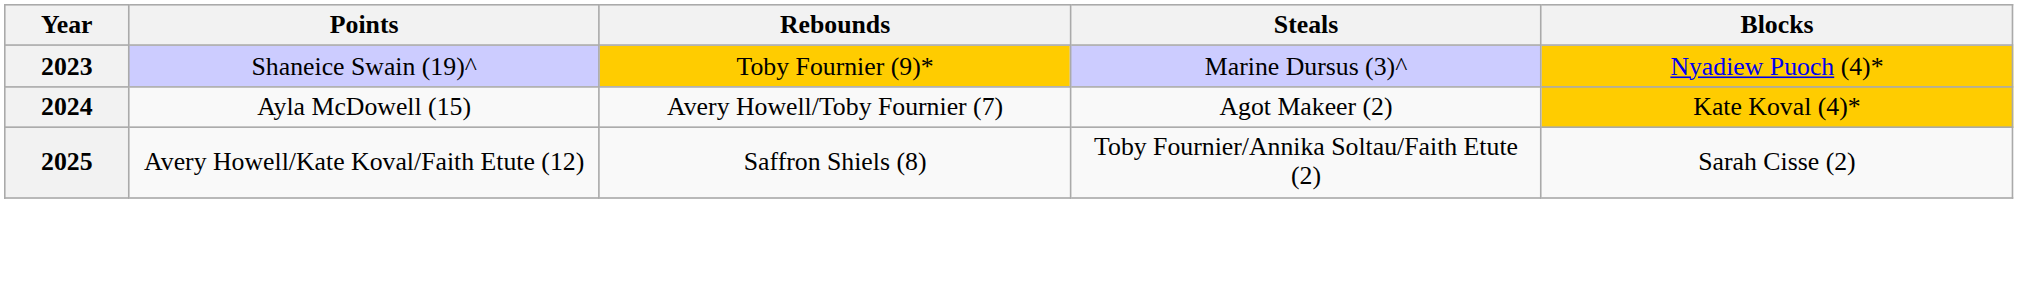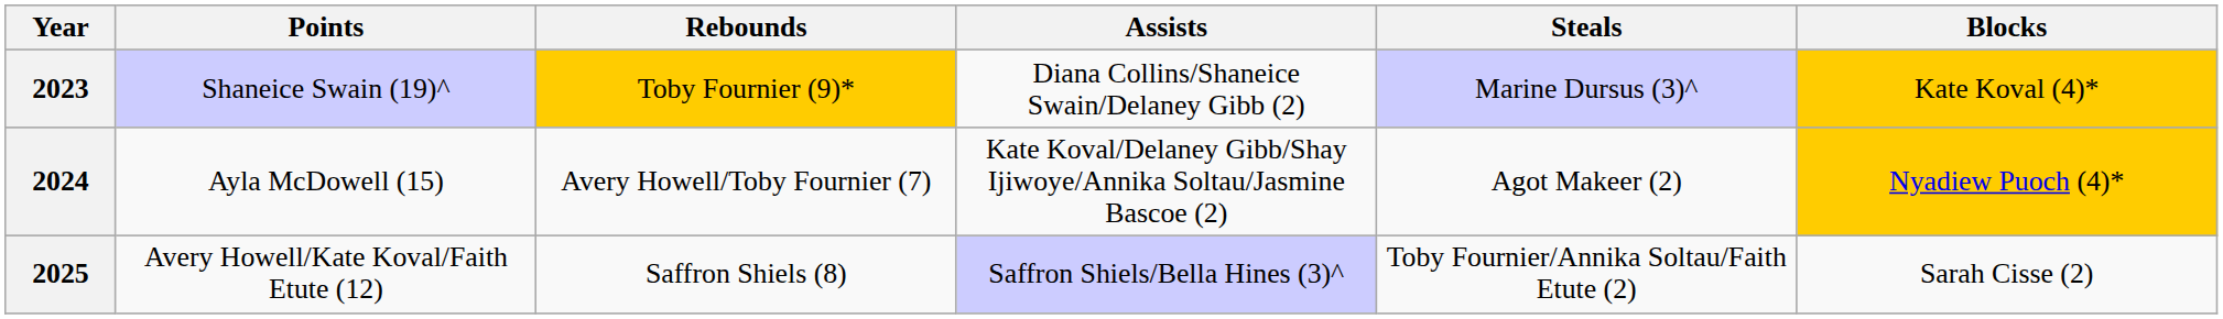 <table class="wikitable sortable" style="text-align:center">
 <tr>
 <th class="unsortable" style="width:5%">Year</th>
 <th class="unsortable" style="width:19%">Points</th>
 <th class="unsortable" style="width:19%">Rebounds</th>
+<th class="unsortable" style="width:19%">Assists</th>
 <th class="unsortable" style="width:19%">Steals</th>
 <th class="unsortable" style="width:19%">Blocks</th>
 </tr>
 <tr>
 <th>2023</th>
 <td style="background-color:#CCCCFF">Shaneice Swain (19)^</td>
 <td style="background-color:#FFCC00">Toby Fournier (9)*</td>
+<td>Diana Collins/Shaneice Swain/Delaney Gibb (2)</td>
 <td style="background-color:#CCCCFF">Marine Dursus (3)^</td>
-<td style="background-color:#FFCC00"><a href='#'>Nyadiew Puoch</a> (4)*</td>
+<td style="background-color:#FFCC00">Kate Koval (4)*</td>
 </tr>
 <tr>
 <th>2024</th>
 <td>Ayla McDowell (15)</td>
 <td>Avery Howell/Toby Fournier (7)</td>
+<td>Kate Koval/Delaney Gibb/Shay Ijiwoye/Annika Soltau/Jasmine Bascoe (2)</td>
 <td>Agot Makeer (2)</td>
-<td style="background-color:#FFCC00">Kate Koval (4)*</td>
+<td style="background-color:#FFCC00"><a href='#'>Nyadiew Puoch</a> (4)*</td>
 </tr>
 <tr>
 <th>2025</th>
 <td>Avery Howell/Kate Koval/Faith Etute (12)</td>
 <td>Saffron Shiels (8)</td>
+<td style="background-color:#CCCCFF">Saffron Shiels/Bella Hines (3)^</td>
 <td>Toby Fournier/Annika Soltau/Faith Etute (2)</td>
 <td>Sarah Cisse (2)</td>
 </tr>
 </table>
